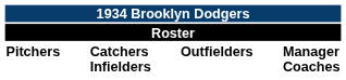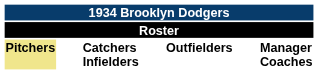 <table class="toccolours" style="font-size: 95%;">
 <tr>
 <th colspan="10" style="background-color: #083c6b; color: white; text-align: center;">1934 Brooklyn Dodgers</th>
 </tr>
 <tr>
 <td colspan="10" style="background-color: black; color: white; text-align: center;"><strong>Roster</strong></td>
 </tr>
 <tr>
-<td valign="top"><strong>Pitchers</strong><br>             </td>
+<td valign="top" style="background: khaki;"><strong>Pitchers</strong><br>             </td>
 <td width="25px"></td>
 <td valign="top"><strong>Catchers</strong><br>    <strong>Infielders</strong>        </td>
 <td width="25px"></td>
 <td valign="top"><strong>Outfielders</strong><br>      </td>
 <td width="25px"></td>
 <td valign="top"><strong>Manager</strong><br> <strong>Coaches</strong> </td>
 </tr>
 </table>
